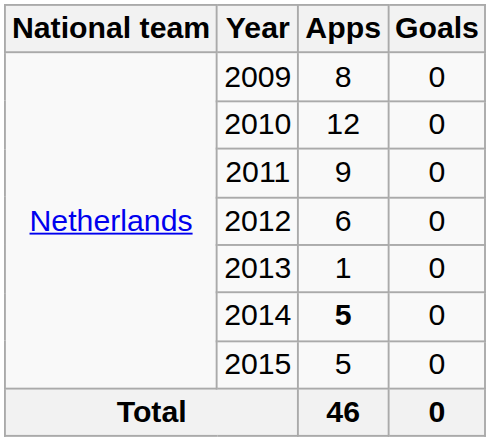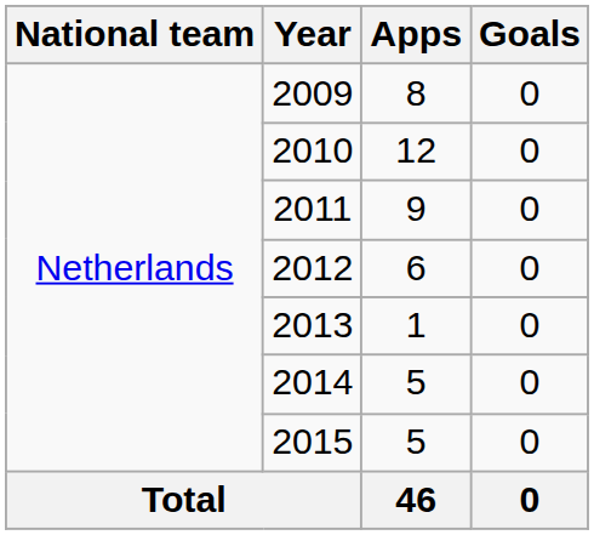 <table class="wikitable" style="text-align:center">
 <tr>
 <th>National team</th>
 <th>Year</th>
 <th>Apps</th>
 <th>Goals</th>
 </tr>
 <tr>
 <td rowspan="7"><a href='#'>Netherlands</a></td>
 <td>2009</td>
 <td>8</td>
 <td>0</td>
 </tr>
 <tr>
 <td>2010</td>
 <td>12</td>
 <td>0</td>
 </tr>
 <tr>
 <td>2011</td>
 <td>9</td>
 <td>0</td>
 </tr>
 <tr>
 <td>2012</td>
 <td>6</td>
 <td>0</td>
 </tr>
 <tr>
 <td>2013</td>
 <td>1</td>
 <td>0</td>
 </tr>
 <tr>
 <td>2014</td>
-<td><strong>5</strong></td>
+<td>5</td>
 <td>0</td>
 </tr>
 <tr>
 <td>2015</td>
 <td>5</td>
 <td>0</td>
 </tr>
 <tr>
 <th colspan="2">Total</th>
 <th>46</th>
 <th>0</th>
 </tr>
 </table>
